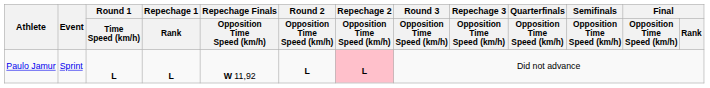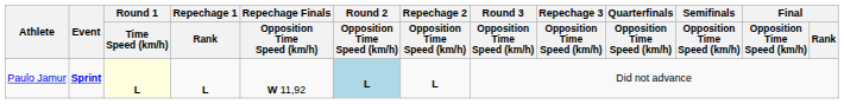 <table class="wikitable" style="font-size:90%">
 <tr>
 <th rowspan="2">Athlete</th>
 <th rowspan="2">Event</th>
 <th>Round 1</th>
 <th>Repechage 1</th>
 <th>Repechage Finals</th>
 <th>Round 2</th>
 <th>Repechage 2</th>
 <th>Round 3</th>
 <th>Repechage 3</th>
 <th>Quarterfinals</th>
 <th>Semifinals</th>
 <th colspan=2>Final</th>
 </tr>
 <tr style="font-size:95%">
 <th>Time<br>Speed (km/h)</th>
 <th>Rank</th>
 <th>Opposition<br>Time<br>Speed (km/h)</th>
 <th>Opposition<br>Time<br>Speed (km/h)</th>
 <th>Opposition<br>Time<br>Speed (km/h)</th>
 <th>Opposition<br>Time<br>Speed (km/h)</th>
 <th>Opposition<br>Time<br>Speed (km/h)</th>
 <th>Opposition<br>Time<br>Speed (km/h)</th>
 <th>Opposition<br>Time<br>Speed (km/h)</th>
 <th>Opposition<br>Time<br>Speed (km/h)</th>
 <th>Rank</th>
 </tr>
 <tr align=center>
 <td align=left><a href='#'>Paulo Jamur</a></td>
-<td style="text-align:left;" rowspan="1"><a href='#'>Sprint</a></td>
-<td><br><br><strong>L</strong></td>
+<td style="text-align:left;" rowspan="1"><strong><a href='#'>Sprint</a></strong></td>
+<td style="background: lightyellow;"><br><br><strong>L</strong></td>
 <td><br><br><strong>L</strong></td>
 <td><br><br><strong>W</strong> 11,92</td>
+<td style="background: lightblue;"><br><strong>L</strong></td>
 <td><br><strong>L</strong></td>
-<td style="background: pink;"><br><strong>L</strong></td>
 <td colspan=6>Did not advance</td>
 </tr>
 </table>
